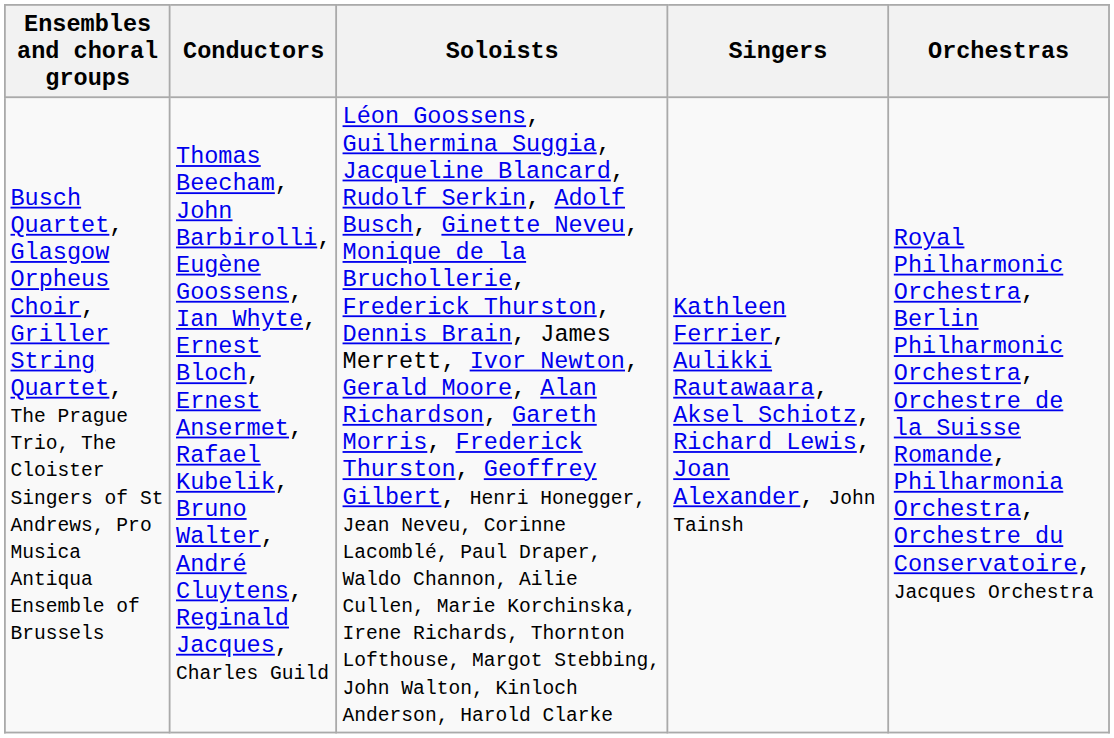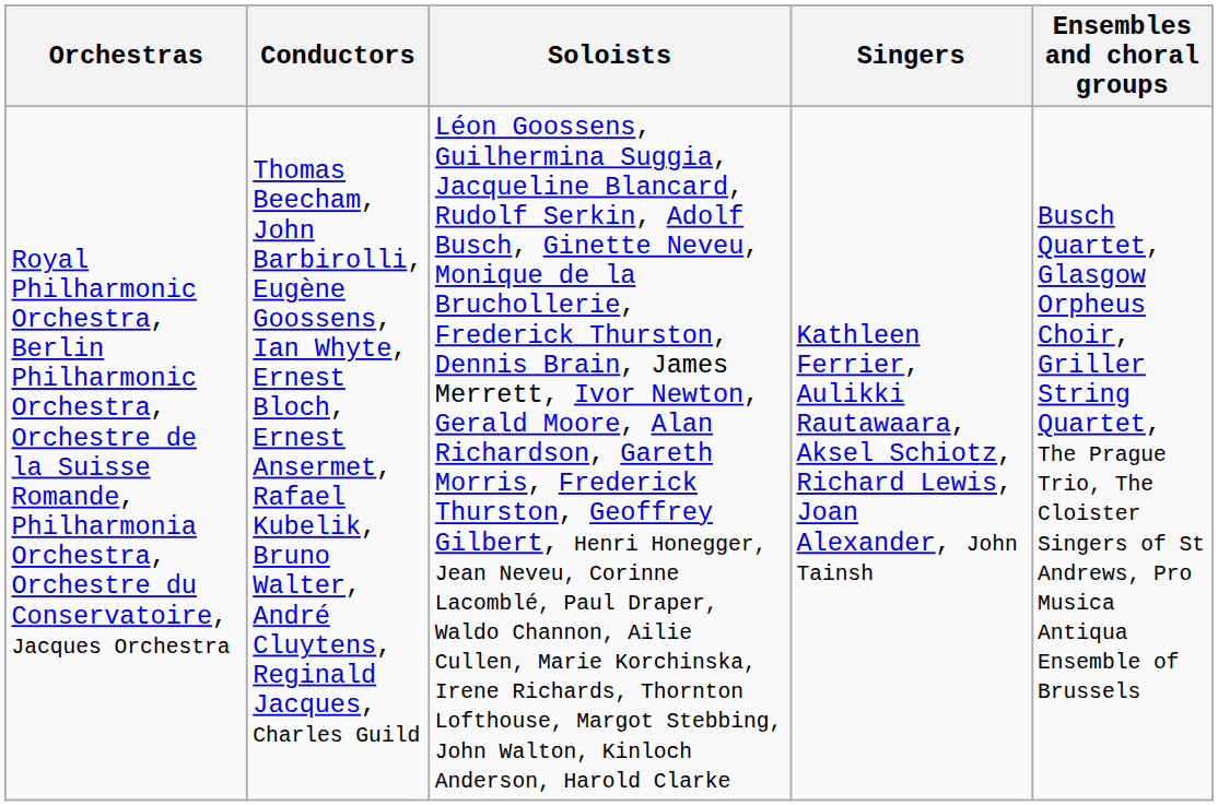 <table class="wikitable toptextcells">
 <tr class="hintergrundfarbe5">
-<th style="width:15%;">Ensembles and choral groups</th>
+<th style="width:20%;">Orchestras</th>
 <th style="width:15%;">Conductors</th>
 <th style="width:30%;">Soloists</th>
 <th style="width:20%;">Singers</th>
-<th style="width:20%;">Orchestras</th>
+<th style="width:15%;">Ensembles and choral groups</th>
 </tr>
 <tr>
-<td><a href='#'>Busch Quartet</a>, <a href='#'>Glasgow Orpheus Choir</a>, <a href='#'>Griller String Quartet</a>, <small>The Prague Trio, The Cloister Singers of St Andrews, Pro Musica Antiqua Ensemble of Brussels </small></td>
+<td><a href='#'>Royal Philharmonic Orchestra</a>, <a href='#'>Berlin Philharmonic Orchestra</a>, <a href='#'>Orchestre de la Suisse Romande</a>, <a href='#'>Philharmonia Orchestra</a>, <a href='#'>Orchestre du Conservatoire</a>, <small>Jacques Orchestra</small></td>
 <td><a href='#'>Thomas Beecham</a>, <a href='#'>John Barbirolli</a>, <a href='#'>Eugène Goossens</a>, <a href='#'>Ian Whyte</a>, <a href='#'>Ernest Bloch</a>, <a href='#'>Ernest Ansermet</a>, <a href='#'>Rafael Kubelik</a>, <a href='#'>Bruno Walter</a>, <a href='#'>André Cluytens</a>, <a href='#'>Reginald Jacques</a>, <small>Charles Guild</small></td>
 <td><a href='#'>Léon Goossens</a>, <a href='#'>Guilhermina Suggia</a>, <a href='#'>Jacqueline Blancard</a>, <a href='#'>Rudolf Serkin</a>, <a href='#'>Adolf Busch</a>, <a href='#'>Ginette Neveu</a>,  <a href='#'>Monique de la Bruchollerie</a>, <a href='#'>Frederick Thurston</a>, <a href='#'>Dennis Brain</a>, James Merrett, <a href='#'>Ivor Newton</a>, <a href='#'>Gerald Moore</a>, <a href='#'>Alan Richardson</a>, <a href='#'>Gareth Morris</a>, <a href='#'>Frederick Thurston</a>, <a href='#'>Geoffrey Gilbert</a>, <small>Henri Honegger, Jean Neveu, Corinne Lacomblé, Paul Draper, Waldo Channon, Ailie Cullen, Marie Korchinska, Irene Richards, Thornton Lofthouse, Margot Stebbing, John Walton, Kinloch Anderson, Harold Clarke</small></td>
 <td><a href='#'>Kathleen Ferrier</a>, <a href='#'>Aulikki Rautawaara</a>, <a href='#'>Aksel Schiotz</a>, <a href='#'>Richard Lewis</a>, <a href='#'>Joan Alexander</a>, <small>John Tainsh</small></td>
-<td><a href='#'>Royal Philharmonic Orchestra</a>, <a href='#'>Berlin Philharmonic Orchestra</a>, <a href='#'>Orchestre de la Suisse Romande</a>, <a href='#'>Philharmonia Orchestra</a>, <a href='#'>Orchestre du Conservatoire</a>, <small>Jacques Orchestra</small></td>
+<td><a href='#'>Busch Quartet</a>, <a href='#'>Glasgow Orpheus Choir</a>, <a href='#'>Griller String Quartet</a>, <small>The Prague Trio, The Cloister Singers of St Andrews, Pro Musica Antiqua Ensemble of Brussels </small></td>
 </tr>
 </table>
